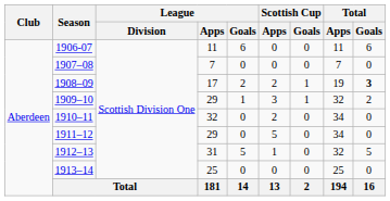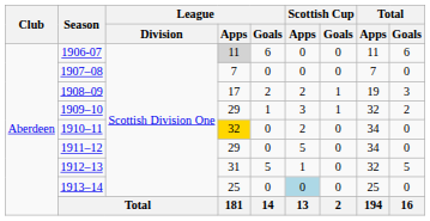 <table class="wikitable" style="text-align:center">
 <tr>
 <th rowspan="2">Club</th>
 <th rowspan="2">Season</th>
 <th colspan="3">League</th>
 <th colspan="2">Scottish Cup</th>
 <th colspan="2">Total</th>
 </tr>
 <tr>
 <th>Division</th>
 <th>Apps</th>
 <th>Goals</th>
 <th>Apps</th>
 <th>Goals</th>
 <th>Apps</th>
 <th>Goals</th>
 </tr>
 <tr>
 <td rowspan="9"><a href='#'>Aberdeen</a></td>
 <td><a href='#'>1906-07</a></td>
 <td rowspan="8"><a href='#'>Scottish Division One</a></td>
-<td>11</td>
+<td style="background: lightgrey;">11</td>
 <td>6</td>
 <td>0</td>
 <td>0</td>
 <td>11</td>
 <td>6</td>
 </tr>
 <tr>
 <td><a href='#'>1907–08</a></td>
 <td>7</td>
 <td>0</td>
 <td>0</td>
 <td>0</td>
 <td>7</td>
 <td>0</td>
 </tr>
 <tr>
 <td><a href='#'>1908–09</a></td>
 <td>17</td>
 <td>2</td>
 <td>2</td>
 <td>1</td>
 <td>19</td>
-<td><strong>3</strong></td>
+<td>3</td>
 </tr>
 <tr>
 <td><a href='#'>1909–10</a></td>
 <td>29</td>
 <td>1</td>
 <td>3</td>
 <td>1</td>
 <td>32</td>
 <td>2</td>
 </tr>
 <tr>
 <td><a href='#'>1910–11</a></td>
-<td>32</td>
+<td style="background: gold;">32</td>
 <td>0</td>
 <td>2</td>
 <td>0</td>
 <td>34</td>
 <td>0</td>
 </tr>
 <tr>
 <td><a href='#'>1911–12</a></td>
 <td>29</td>
 <td>0</td>
 <td>5</td>
 <td>0</td>
 <td>34</td>
 <td>0</td>
 </tr>
 <tr>
 <td><a href='#'>1912–13</a></td>
 <td>31</td>
 <td>5</td>
 <td>1</td>
 <td>0</td>
 <td>32</td>
 <td>5</td>
 </tr>
 <tr>
 <td><a href='#'>1913–14</a></td>
 <td>25</td>
 <td>0</td>
-<td>0</td>
+<td style="background: lightblue;">0</td>
 <td>0</td>
 <td>25</td>
 <td>0</td>
 </tr>
 <tr>
 <th colspan="2">Total</th>
 <th>181</th>
 <th>14</th>
 <th>13</th>
 <th>2</th>
 <th>194</th>
 <th>16</th>
 </tr>
 </table>
